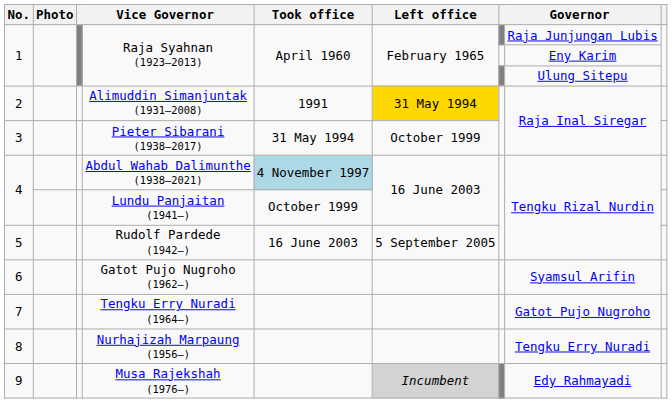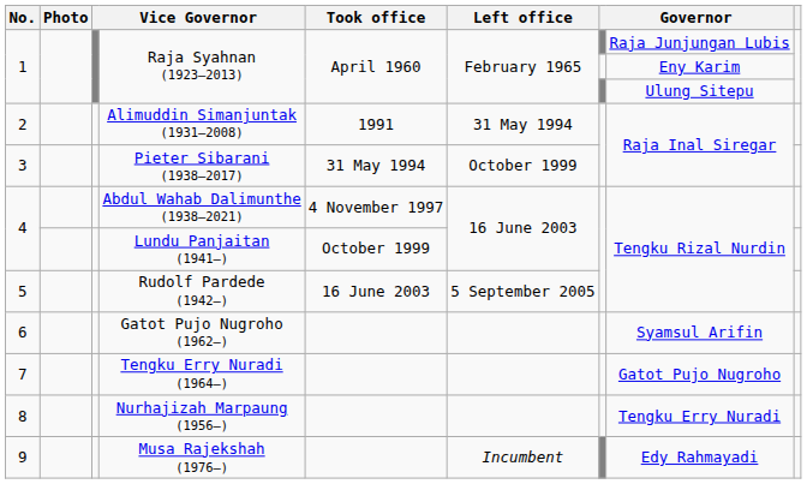 <table class="wikitable" style="text-align:center">
 <tr>
 <th>No.</th>
 <th>Photo</th>
 <th colspan="2">Vice Governor</th>
 <th>Took office</th>
 <th>Left office</th>
 <th colspan="3">Governor</th>
 <th></th>
 </tr>
 <tr>
 <td rowspan="3">1</td>
 <td rowspan="3"></td>
 <td rowspan="3" bgcolor="gray"></td>
 <td rowspan="3">Raja Syahnan<br><small>(1923–2013)</small></td>
 <td rowspan="3">April 1960</td>
 <td rowspan="3">February 1965</td>
 <td bgcolor="gray"></td>
 <td colspan="2"><a href='#'>Raja Junjungan Lubis</a></td>
 <td rowspan="3"></td>
 </tr>
 <tr>
 <td></td>
 <td colspan="2"><a href='#'>Eny Karim</a></td>
 </tr>
 <tr>
 <td bgcolor="gray"></td>
 <td colspan="2"><a href='#'>Ulung Sitepu</a></td>
 </tr>
 <tr>
 <td>2</td>
 <td></td>
 <td></td>
 <td><a href='#'>Alimuddin Simanjuntak</a><br><small>(1931–2008)</small></td>
 <td>1991</td>
-<td style="background: gold;">31 May 1994</td>
+<td>31 May 1994</td>
 <td rowspan="2"></td>
 <td rowspan="2" colspan="2"><a href='#'>Raja Inal Siregar</a></td>
 <td></td>
 </tr>
 <tr>
 <td>3</td>
 <td></td>
 <td></td>
 <td><a href='#'>Pieter Sibarani</a><br><small>(1938–2017)</small></td>
 <td>31 May 1994</td>
 <td>October 1999</td>
 <td></td>
 </tr>
 <tr>
 <td rowspan="2">4</td>
 <td></td>
 <td></td>
 <td><a href='#'>Abdul Wahab Dalimunthe</a><br><small>(1938–2021)</small></td>
-<td style="background: lightblue;">4 November 1997</td>
+<td>4 November 1997</td>
 <td rowspan="2">16 June 2003</td>
 <td rowspan="3"></td>
 <td rowspan="3" colspan="2"><a href='#'>Tengku Rizal Nurdin</a></td>
 <td></td>
 </tr>
 <tr>
 <td></td>
 <td></td>
 <td><a href='#'>Lundu Panjaitan</a><br><small>(1941–)</small></td>
 <td>October 1999</td>
 <td></td>
 </tr>
 <tr>
 <td>5</td>
 <td></td>
 <td></td>
 <td>Rudolf Pardede<br><small>(1942–)</small></td>
 <td>16 June 2003</td>
 <td>5 September 2005</td>
 <td></td>
 </tr>
 <tr>
 <td>6</td>
 <td></td>
 <td></td>
 <td>Gatot Pujo Nugroho<br><small>(1962–)</small></td>
 <td></td>
 <td></td>
 <td></td>
 <td colspan="2"><a href='#'>Syamsul Arifin</a></td>
 <td></td>
 </tr>
 <tr>
 <td>7</td>
 <td></td>
 <td></td>
 <td><a href='#'>Tengku Erry Nuradi</a><br><small>(1964–)</small></td>
 <td></td>
 <td></td>
 <td></td>
 <td colspan="2"><a href='#'>Gatot Pujo Nugroho</a></td>
 <td></td>
 </tr>
 <tr>
 <td>8</td>
 <td></td>
 <td></td>
 <td><a href='#'>Nurhajizah Marpaung</a><br><small>(1956–)</small></td>
 <td></td>
 <td></td>
 <td></td>
 <td colspan="2"><a href='#'>Tengku Erry Nuradi</a></td>
 <td></td>
 </tr>
 <tr>
 <td>9</td>
 <td></td>
 <td></td>
 <td><a href='#'>Musa Rajekshah</a><br><small>(1976–)</small></td>
 <td></td>
-<td style="background: lightgrey;"><em>Incumbent</em></td>
+<td><em>Incumbent</em></td>
 <td bgcolor="gray"></td>
 <td colspan="2"><a href='#'>Edy Rahmayadi</a></td>
 <td></td>
 </tr>
 </table>
